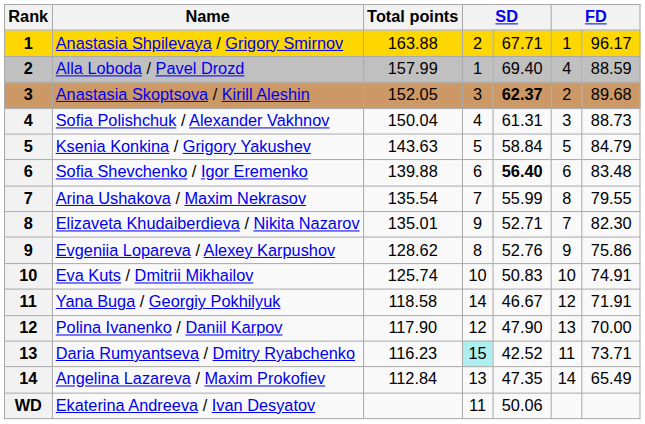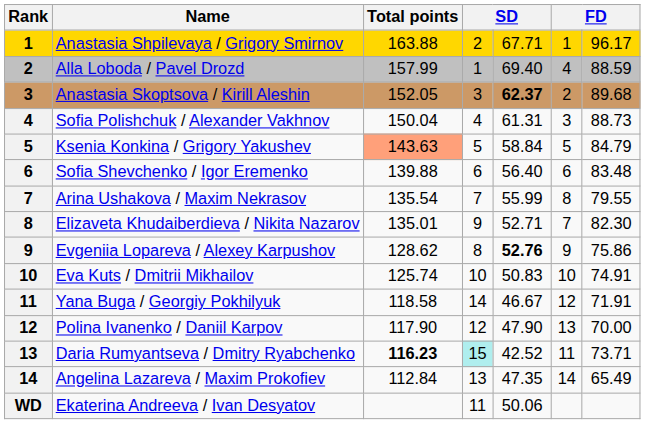 <table class="wikitable sortable">
 <tr>
 <th>Rank</th>
 <th>Name</th>
 <th>Total points</th>
 <th colspan="2" width="80px"><a href='#'>SD</a></th>
 <th colspan="2" width="80px"><a href='#'>FD</a></th>
 </tr>
 <tr bgcolor="gold">
 <td align="center"><strong>1</strong></td>
 <td><a href='#'>Anastasia Shpilevaya</a> / <a href='#'>Grigory Smirnov</a></td>
 <td align="center">163.88</td>
 <td align="center">2</td>
 <td align="center">67.71</td>
 <td align="center">1</td>
 <td align="center">96.17</td>
 </tr>
 <tr bgcolor="silver">
 <td align="center"><strong>2</strong></td>
 <td><a href='#'>Alla Loboda</a> / <a href='#'>Pavel Drozd</a></td>
 <td align="center">157.99</td>
 <td align="center">1</td>
 <td align="center">69.40</td>
 <td align="center">4</td>
 <td align="center">88.59</td>
 </tr>
 <tr bgcolor="cc9966">
 <td align="center"><strong>3</strong></td>
 <td><a href='#'>Anastasia Skoptsova</a> / <a href='#'>Kirill Aleshin</a></td>
 <td align="center">152.05</td>
 <td align="center">3</td>
 <td align="center"><strong>62.37</strong></td>
 <td align="center">2</td>
 <td align="center">89.68</td>
 </tr>
 <tr>
 <th>4</th>
 <td><a href='#'>Sofia Polishchuk</a> / <a href='#'>Alexander Vakhnov</a></td>
 <td align="center">150.04</td>
 <td align="center">4</td>
 <td align="center">61.31</td>
 <td align="center">3</td>
 <td align="center">88.73</td>
 </tr>
 <tr>
 <th>5</th>
 <td><a href='#'>Ksenia Konkina</a> / <a href='#'>Grigory Yakushev</a></td>
-<td align="center">143.63</td>
+<td align="center" style="background: lightsalmon;">143.63</td>
 <td align="center">5</td>
 <td align="center">58.84</td>
 <td align="center">5</td>
 <td align="center">84.79</td>
 </tr>
 <tr>
 <th>6</th>
 <td><a href='#'>Sofia Shevchenko</a> / <a href='#'>Igor Eremenko</a></td>
 <td align="center">139.88</td>
 <td align="center">6</td>
-<td align="center"><strong>56.40</strong></td>
+<td align="center">56.40</td>
 <td align="center">6</td>
 <td align="center">83.48</td>
 </tr>
 <tr>
 <th>7</th>
 <td><a href='#'>Arina Ushakova</a> / <a href='#'>Maxim Nekrasov</a></td>
 <td align="center">135.54</td>
 <td align="center">7</td>
 <td align="center">55.99</td>
 <td align="center">8</td>
 <td align="center">79.55</td>
 </tr>
 <tr>
 <th>8</th>
 <td><a href='#'>Elizaveta Khudaiberdieva</a> / <a href='#'>Nikita Nazarov</a></td>
 <td align="center">135.01</td>
 <td align="center">9</td>
 <td align="center">52.71</td>
 <td align="center">7</td>
 <td align="center">82.30</td>
 </tr>
 <tr>
 <th>9</th>
 <td><a href='#'>Evgeniia Lopareva</a> / <a href='#'>Alexey Karpushov</a></td>
 <td align="center">128.62</td>
 <td align="center">8</td>
-<td align="center">52.76</td>
+<td align="center"><strong>52.76</strong></td>
 <td align="center">9</td>
 <td align="center">75.86</td>
 </tr>
 <tr>
 <th>10</th>
 <td><a href='#'>Eva Kuts</a> / <a href='#'>Dmitrii Mikhailov</a></td>
 <td align="center">125.74</td>
 <td align="center">10</td>
 <td align="center">50.83</td>
 <td align="center">10</td>
 <td align="center">74.91</td>
 </tr>
 <tr>
 <th>11</th>
 <td><a href='#'>Yana Buga</a> / <a href='#'>Georgiy Pokhilyuk</a></td>
 <td align="center">118.58</td>
 <td align="center">14</td>
 <td align="center">46.67</td>
 <td align="center">12</td>
 <td align="center">71.91</td>
 </tr>
 <tr>
 <th>12</th>
 <td><a href='#'>Polina Ivanenko</a> / <a href='#'>Daniil Karpov</a></td>
 <td align="center">117.90</td>
 <td align="center">12</td>
 <td align="center">47.90</td>
 <td align="center">13</td>
 <td align="center">70.00</td>
 </tr>
 <tr>
 <th>13</th>
 <td><a href='#'>Daria Rumyantseva</a> / <a href='#'>Dmitry Ryabchenko</a></td>
-<td align="center">116.23</td>
+<td align="center"><strong>116.23</strong></td>
 <td align="center" style="background: paleturquoise;">15</td>
 <td align="center">42.52</td>
 <td align="center">11</td>
 <td align="center">73.71</td>
 </tr>
 <tr>
 <th>14</th>
 <td><a href='#'>Angelina Lazareva</a> / <a href='#'>Maxim Prokofiev</a></td>
 <td align="center">112.84</td>
 <td align="center">13</td>
 <td align="center">47.35</td>
 <td align="center">14</td>
 <td align="center">65.49</td>
 </tr>
 <tr>
 <th>WD</th>
 <td><a href='#'>Ekaterina Andreeva</a> / <a href='#'>Ivan Desyatov</a></td>
 <td></td>
 <td align="center">11</td>
 <td align="center">50.06</td>
 <td></td>
 <td></td>
 </tr>
 </table>
